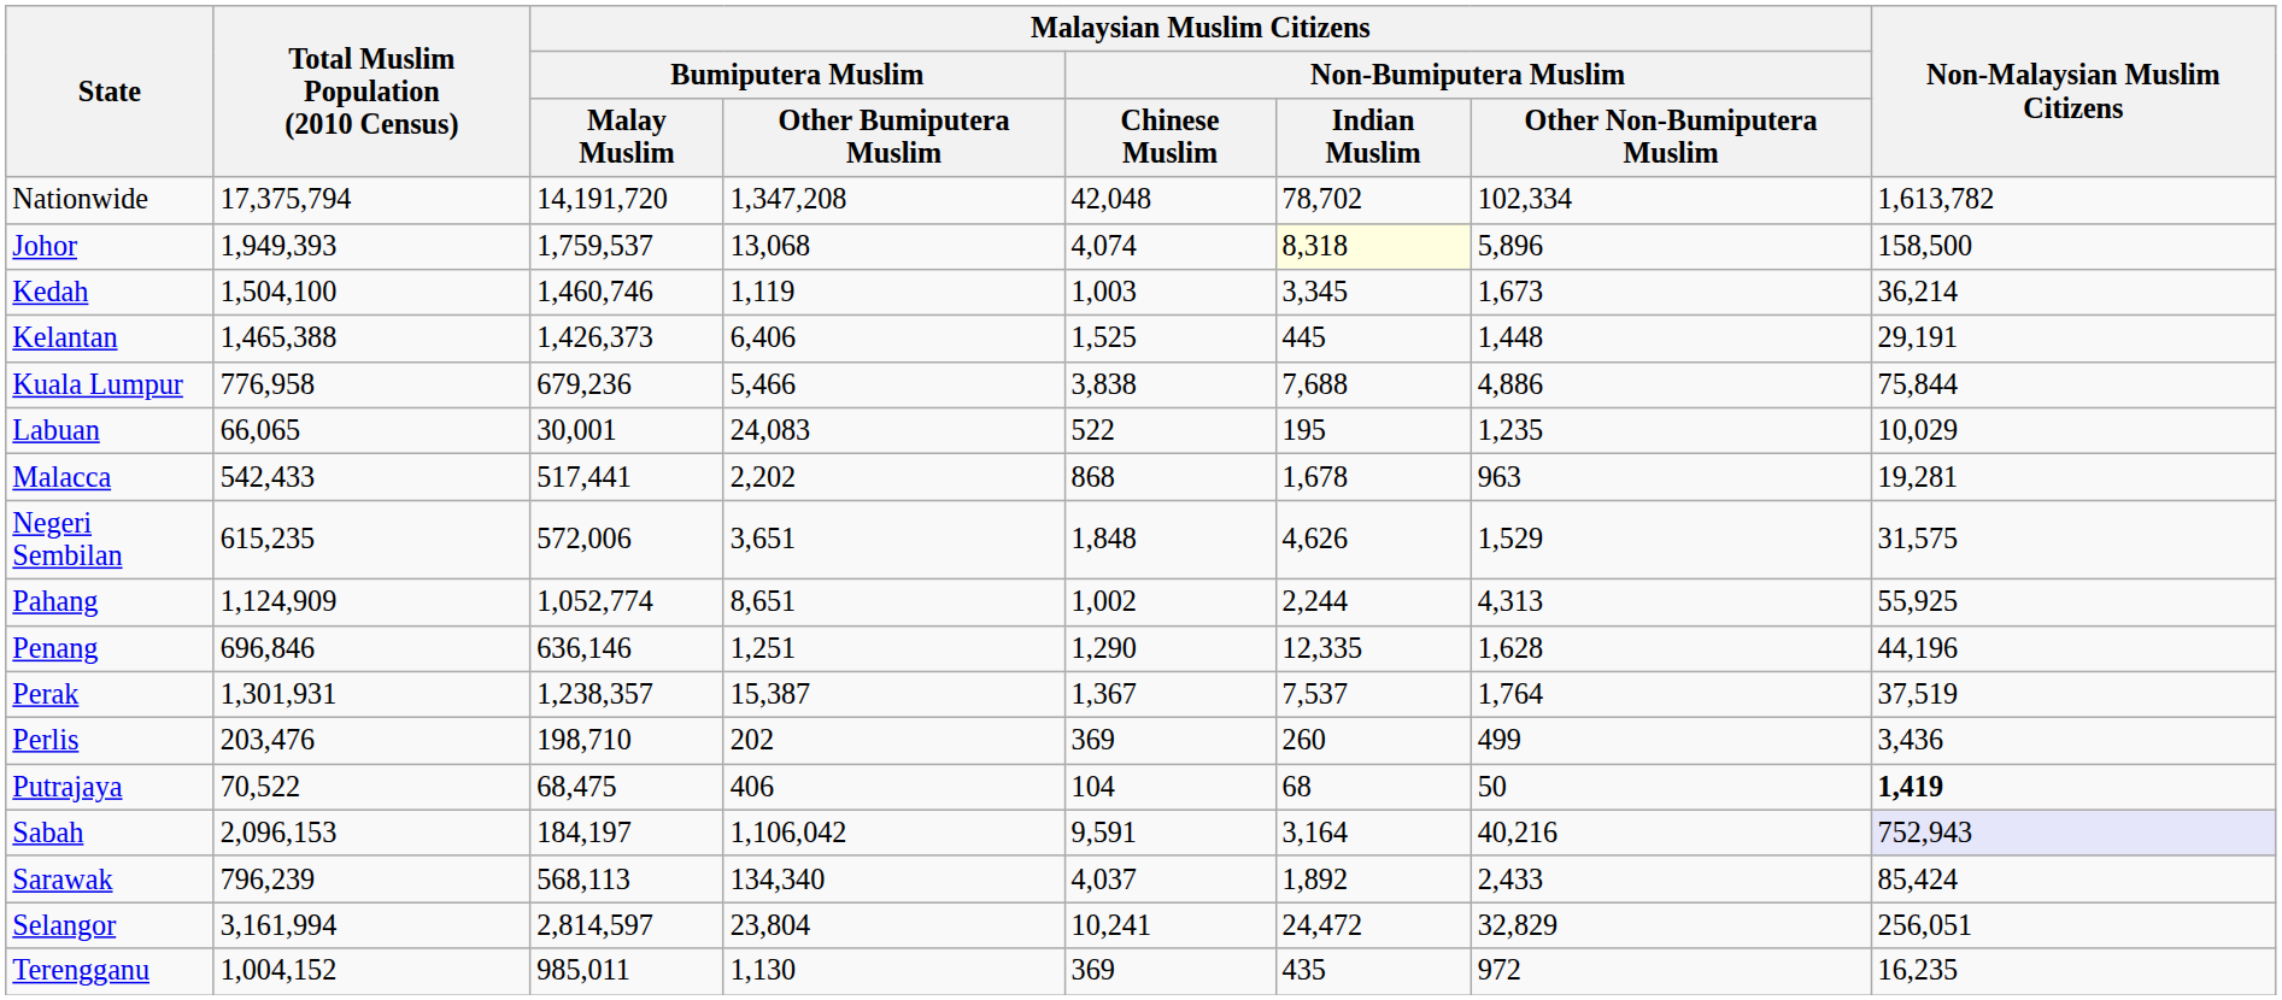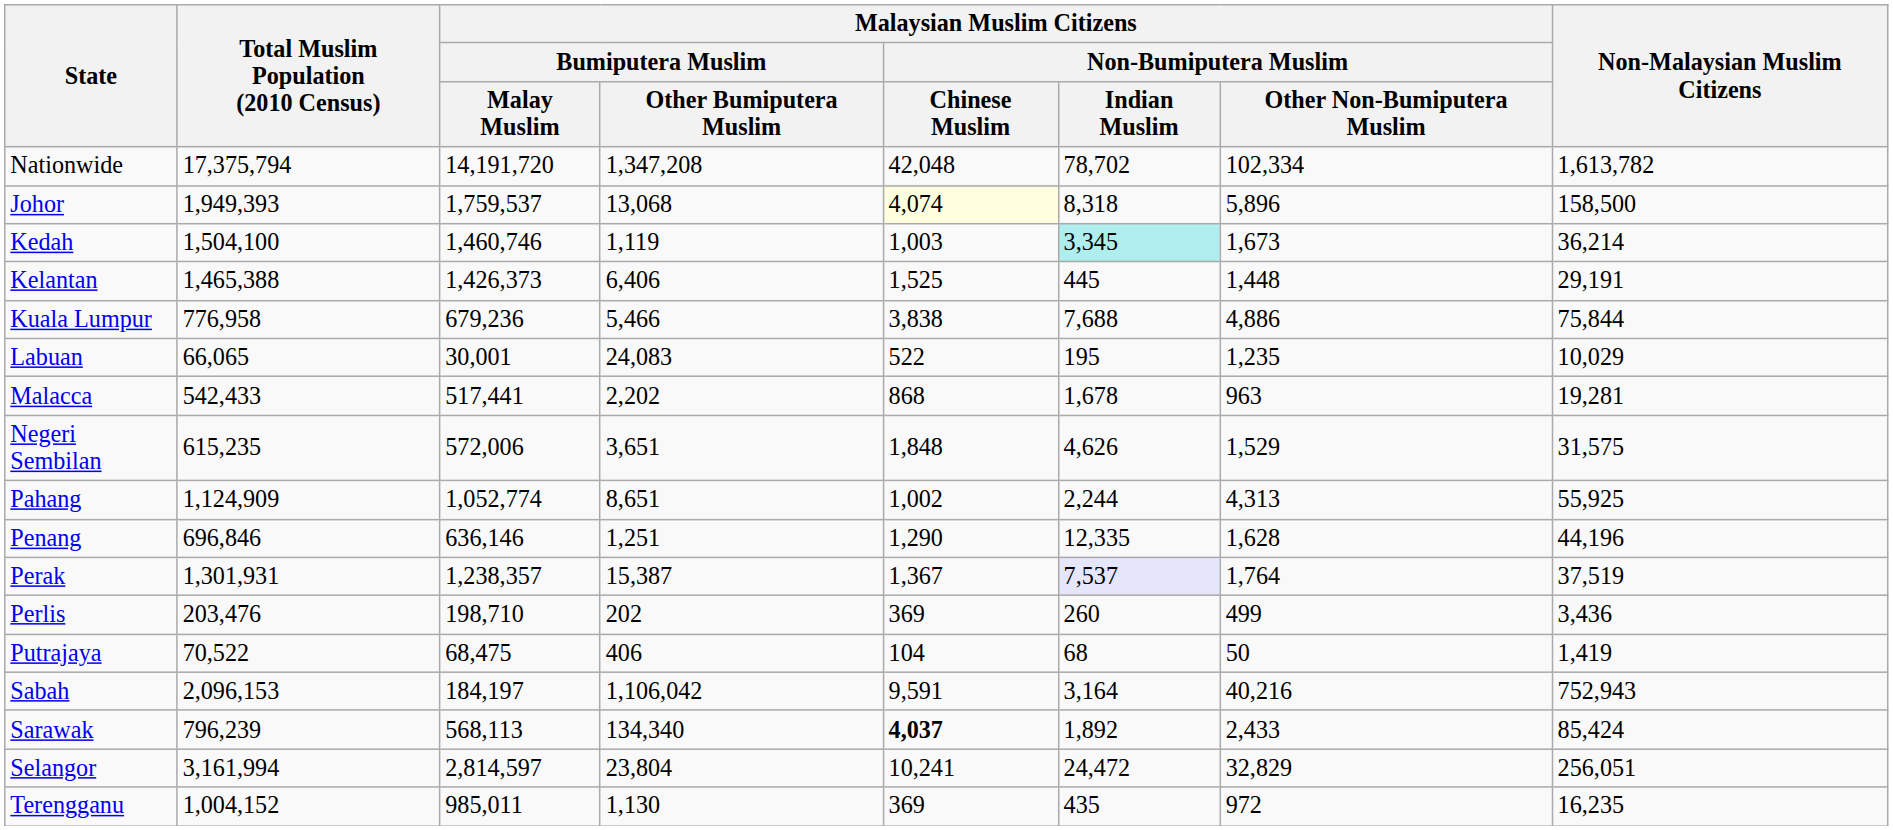 <table class="wikitable sortable">
 <tr>
 <th rowspan=3>State</th>
 <th rowspan=3>Total Muslim Population<br>(2010 Census)</th>
 <th colspan=5>Malaysian Muslim Citizens</th>
 <th rowspan=3>Non-Malaysian Muslim Citizens</th>
 </tr>
 <tr>
 <th colspan=2>Bumiputera Muslim</th>
 <th colspan=3>Non-Bumiputera Muslim</th>
 </tr>
 <tr>
 <th>Malay Muslim</th>
 <th>Other Bumiputera Muslim</th>
 <th>Chinese Muslim</th>
 <th>Indian Muslim</th>
 <th>Other Non-Bumiputera Muslim</th>
 </tr>
 <tr>
 <td>Nationwide</td>
 <td>17,375,794</td>
 <td>14,191,720</td>
 <td>1,347,208</td>
 <td>42,048</td>
 <td>78,702</td>
 <td>102,334</td>
 <td>1,613,782</td>
 </tr>
 <tr>
 <td><a href='#'>Johor</a></td>
 <td>1,949,393</td>
 <td>1,759,537</td>
 <td>13,068</td>
-<td>4,074</td>
-<td style="background: lightyellow;">8,318</td>
+<td style="background: lightyellow;">4,074</td>
+<td>8,318</td>
 <td>5,896</td>
 <td>158,500</td>
 </tr>
 <tr>
 <td><a href='#'>Kedah</a></td>
 <td>1,504,100</td>
 <td>1,460,746</td>
 <td>1,119</td>
 <td>1,003</td>
-<td>3,345</td>
+<td style="background: paleturquoise;">3,345</td>
 <td>1,673</td>
 <td>36,214</td>
 </tr>
 <tr>
 <td><a href='#'>Kelantan</a></td>
 <td>1,465,388</td>
 <td>1,426,373</td>
 <td>6,406</td>
 <td>1,525</td>
 <td>445</td>
 <td>1,448</td>
 <td>29,191</td>
 </tr>
 <tr>
 <td><a href='#'>Kuala Lumpur</a></td>
 <td>776,958</td>
 <td>679,236</td>
 <td>5,466</td>
 <td>3,838</td>
 <td>7,688</td>
 <td>4,886</td>
 <td>75,844</td>
 </tr>
 <tr>
 <td><a href='#'>Labuan</a></td>
 <td>66,065</td>
 <td>30,001</td>
 <td>24,083</td>
 <td>522</td>
 <td>195</td>
 <td>1,235</td>
 <td>10,029</td>
 </tr>
 <tr>
 <td><a href='#'>Malacca</a></td>
 <td>542,433</td>
 <td>517,441</td>
 <td>2,202</td>
 <td>868</td>
 <td>1,678</td>
 <td>963</td>
 <td>19,281</td>
 </tr>
 <tr>
 <td><a href='#'>Negeri Sembilan</a></td>
 <td>615,235</td>
 <td>572,006</td>
 <td>3,651</td>
 <td>1,848</td>
 <td>4,626</td>
 <td>1,529</td>
 <td>31,575</td>
 </tr>
 <tr>
 <td><a href='#'>Pahang</a></td>
 <td>1,124,909</td>
 <td>1,052,774</td>
 <td>8,651</td>
 <td>1,002</td>
 <td>2,244</td>
 <td>4,313</td>
 <td>55,925</td>
 </tr>
 <tr>
 <td><a href='#'>Penang</a></td>
 <td>696,846</td>
 <td>636,146</td>
 <td>1,251</td>
 <td>1,290</td>
 <td>12,335</td>
 <td>1,628</td>
 <td>44,196</td>
 </tr>
 <tr>
 <td><a href='#'>Perak</a></td>
 <td>1,301,931</td>
 <td>1,238,357</td>
 <td>15,387</td>
 <td>1,367</td>
-<td>7,537</td>
+<td style="background: lavender;">7,537</td>
 <td>1,764</td>
 <td>37,519</td>
 </tr>
 <tr>
 <td><a href='#'>Perlis</a></td>
 <td>203,476</td>
 <td>198,710</td>
 <td>202</td>
 <td>369</td>
 <td>260</td>
 <td>499</td>
 <td>3,436</td>
 </tr>
 <tr>
 <td><a href='#'>Putrajaya</a></td>
 <td>70,522</td>
 <td>68,475</td>
 <td>406</td>
 <td>104</td>
 <td>68</td>
 <td>50</td>
-<td><strong>1,419</strong></td>
+<td>1,419</td>
 </tr>
 <tr>
 <td><a href='#'>Sabah</a></td>
 <td>2,096,153</td>
 <td>184,197</td>
 <td>1,106,042</td>
 <td>9,591</td>
 <td>3,164</td>
 <td>40,216</td>
-<td style="background: lavender;">752,943</td>
+<td>752,943</td>
 </tr>
 <tr>
 <td><a href='#'>Sarawak</a></td>
 <td>796,239</td>
 <td>568,113</td>
 <td>134,340</td>
-<td>4,037</td>
+<td><strong>4,037</strong></td>
 <td>1,892</td>
 <td>2,433</td>
 <td>85,424</td>
 </tr>
 <tr>
 <td><a href='#'>Selangor</a></td>
 <td>3,161,994</td>
 <td>2,814,597</td>
 <td>23,804</td>
 <td>10,241</td>
 <td>24,472</td>
 <td>32,829</td>
 <td>256,051</td>
 </tr>
 <tr>
 <td><a href='#'>Terengganu</a></td>
 <td>1,004,152</td>
 <td>985,011</td>
 <td>1,130</td>
 <td>369</td>
 <td>435</td>
 <td>972</td>
 <td>16,235</td>
 </tr>
 </table>
